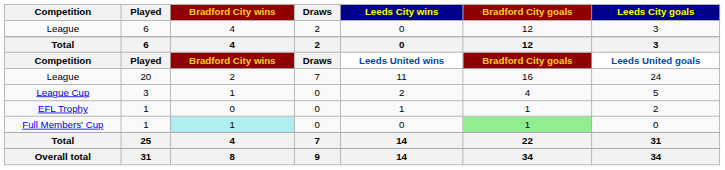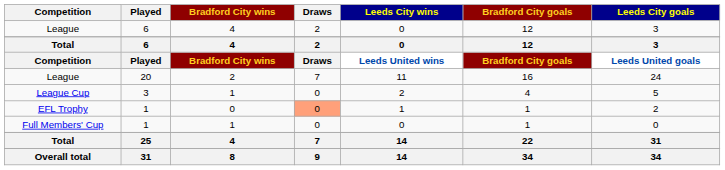 <table class="wikitable" style="text-align: center; width: 100%; font-size: 12px">
 <tr>
 <th>Competition</th>
 <th>Played</th>
 <th style="background:#8f0000; color:#ffd021">Bradford City wins</th>
 <th>Draws</th>
 <th style="background:#00008B; color:#ffff00">Leeds City wins</th>
 <th style="background:#8f0000; color:#ffd021">Bradford City goals</th>
 <th style="background:#00008B; color:#ffff00">Leeds City goals</th>
 </tr>
 <tr>
 <td>League</td>
 <td>6</td>
 <td>4</td>
 <td>2</td>
 <td>0</td>
 <td>12</td>
 <td>3</td>
 </tr>
 <tr>
 </tr>
 <tr class="sortbottom">
 <th>Total</th>
 <th>6</th>
 <th>4</th>
 <th>2</th>
 <th>0</th>
 <th>12</th>
 <th>3</th>
 </tr>
 <tr>
 <th>Competition</th>
 <th>Played</th>
 <th style="background:#8f0000; color:#ffd021">Bradford City wins</th>
 <th>Draws</th>
 <th style="background:#ffffff; color:#0047ab">Leeds United wins</th>
 <th style="background:#8f0000; color:#ffd021">Bradford City goals</th>
 <th style="background:#ffffff; color:#0047ab">Leeds United goals</th>
 </tr>
 <tr>
 <td>League</td>
 <td>20</td>
 <td>2</td>
 <td>7</td>
 <td>11</td>
 <td>16</td>
 <td>24</td>
 </tr>
 <tr>
 <td><a href='#'>League Cup</a></td>
 <td>3</td>
 <td>1</td>
 <td>0</td>
 <td>2</td>
 <td>4</td>
 <td>5</td>
 </tr>
 <tr>
 <td><a href='#'>EFL Trophy</a></td>
 <td>1</td>
 <td>0</td>
-<td>0</td>
+<td style="background: lightsalmon;">0</td>
 <td>1</td>
 <td>1</td>
 <td>2</td>
 </tr>
 <tr>
 <td><a href='#'>Full Members' Cup</a></td>
 <td>1</td>
-<td style="background: paleturquoise;">1</td>
+<td>1</td>
 <td>0</td>
 <td>0</td>
-<td style="background: lightgreen;">1</td>
+<td>1</td>
 <td>0</td>
 </tr>
 <tr>
 </tr>
 <tr class="sortbottom">
 <th>Total</th>
 <th>25</th>
 <th>4</th>
 <th>7</th>
 <th>14</th>
 <th>22</th>
 <th>31</th>
 </tr>
 <tr>
 </tr>
 <tr class="sortbottom">
 <th>Overall total</th>
 <th>31</th>
 <th>8</th>
 <th>9</th>
 <th>14</th>
 <th>34</th>
 <th>34</th>
 </tr>
 </table>
